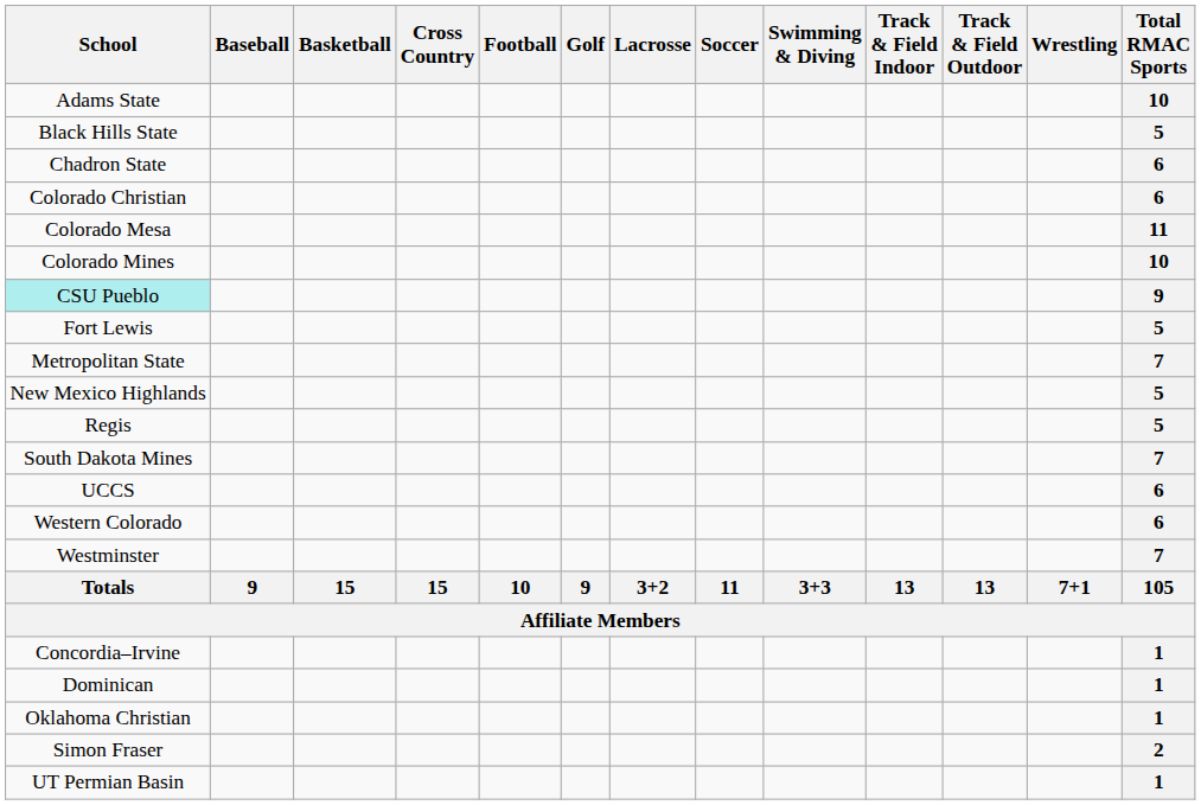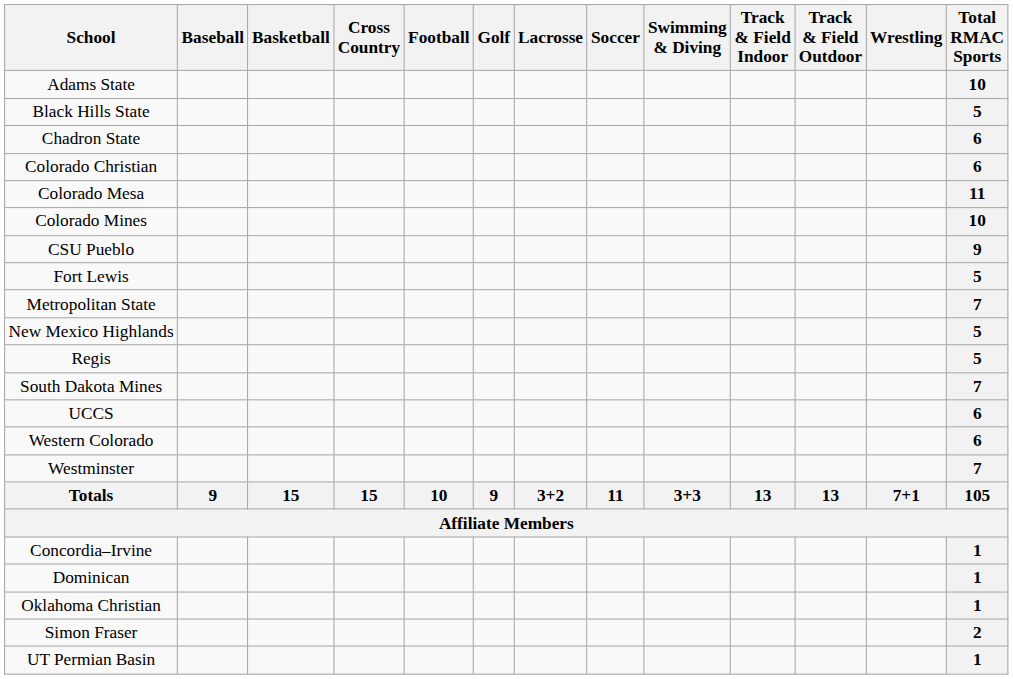 <table class="wikitable" style="text-align:center">
 <tr>
 <th>School</th>
 <th>Baseball</th>
 <th>Basketball</th>
 <th>Cross<br>Country</th>
 <th>Football</th>
 <th>Golf</th>
 <th>Lacrosse</th>
 <th>Soccer</th>
 <th>Swimming<br>& Diving</th>
 <th>Track<br>& Field<br>Indoor</th>
 <th>Track<br>& Field<br>Outdoor</th>
 <th>Wrestling</th>
 <th>Total<br>RMAC<br>Sports</th>
 </tr>
 <tr>
 <td>Adams State</td>
 <td></td>
 <td></td>
 <td></td>
 <td></td>
 <td></td>
 <td></td>
 <td></td>
 <td></td>
 <td></td>
 <td></td>
 <td></td>
 <th>10</th>
 </tr>
 <tr>
 <td>Black Hills State</td>
 <td></td>
 <td></td>
 <td></td>
 <td></td>
 <td></td>
 <td></td>
 <td></td>
 <td></td>
 <td></td>
 <td></td>
 <td></td>
 <th>5</th>
 </tr>
 <tr>
 <td>Chadron State</td>
 <td></td>
 <td></td>
 <td></td>
 <td></td>
 <td></td>
 <td></td>
 <td></td>
 <td></td>
 <td></td>
 <td></td>
 <td></td>
 <th>6</th>
 </tr>
 <tr>
 <td>Colorado Christian</td>
 <td></td>
 <td></td>
 <td></td>
 <td></td>
 <td></td>
 <td></td>
 <td></td>
 <td></td>
 <td></td>
 <td></td>
 <td></td>
 <th>6</th>
 </tr>
 <tr>
 <td>Colorado Mesa</td>
 <td></td>
 <td></td>
 <td></td>
 <td></td>
 <td></td>
 <td></td>
 <td></td>
 <td></td>
 <td></td>
 <td></td>
 <td></td>
 <th>11</th>
 </tr>
 <tr>
 <td>Colorado Mines</td>
 <td></td>
 <td></td>
 <td></td>
 <td></td>
 <td></td>
 <td></td>
 <td></td>
 <td></td>
 <td></td>
 <td></td>
 <td></td>
 <th>10</th>
 </tr>
 <tr>
-<td style="background: paleturquoise;">CSU Pueblo</td>
+<td>CSU Pueblo</td>
 <td></td>
 <td></td>
 <td></td>
 <td></td>
 <td></td>
 <td></td>
 <td></td>
 <td></td>
 <td></td>
 <td></td>
 <td></td>
 <th>9</th>
 </tr>
 <tr>
 <td>Fort Lewis</td>
 <td></td>
 <td></td>
 <td></td>
 <td></td>
 <td></td>
 <td></td>
 <td></td>
 <td></td>
 <td></td>
 <td></td>
 <td></td>
 <th>5</th>
 </tr>
 <tr>
 <td>Metropolitan State</td>
 <td></td>
 <td></td>
 <td></td>
 <td></td>
 <td></td>
 <td></td>
 <td></td>
 <td></td>
 <td></td>
 <td></td>
 <td></td>
 <th>7</th>
 </tr>
 <tr>
 <td>New Mexico Highlands</td>
 <td></td>
 <td></td>
 <td></td>
 <td></td>
 <td></td>
 <td></td>
 <td></td>
 <td></td>
 <td></td>
 <td></td>
 <td></td>
 <th>5</th>
 </tr>
 <tr>
 <td>Regis</td>
 <td></td>
 <td></td>
 <td></td>
 <td></td>
 <td></td>
 <td></td>
 <td></td>
 <td></td>
 <td></td>
 <td></td>
 <td></td>
 <th>5</th>
 </tr>
 <tr>
 <td>South Dakota Mines</td>
 <td></td>
 <td></td>
 <td></td>
 <td></td>
 <td></td>
 <td></td>
 <td></td>
 <td></td>
 <td></td>
 <td></td>
 <td></td>
 <th>7</th>
 </tr>
 <tr>
 <td>UCCS</td>
 <td></td>
 <td></td>
 <td></td>
 <td></td>
 <td></td>
 <td></td>
 <td></td>
 <td></td>
 <td></td>
 <td></td>
 <td></td>
 <th>6</th>
 </tr>
 <tr>
 <td>Western Colorado</td>
 <td></td>
 <td></td>
 <td></td>
 <td></td>
 <td></td>
 <td></td>
 <td></td>
 <td></td>
 <td></td>
 <td></td>
 <td></td>
 <th>6</th>
 </tr>
 <tr>
 <td>Westminster</td>
 <td></td>
 <td></td>
 <td></td>
 <td></td>
 <td></td>
 <td></td>
 <td></td>
 <td></td>
 <td></td>
 <td></td>
 <td></td>
 <th>7</th>
 </tr>
 <tr>
 <th>Totals</th>
 <th>9</th>
 <th>15</th>
 <th>15</th>
 <th>10</th>
 <th>9</th>
 <th>3+2</th>
 <th>11</th>
 <th>3+3</th>
 <th>13</th>
 <th>13</th>
 <th>7+1</th>
 <th>105</th>
 </tr>
 <tr>
 <th colspan=13>Affiliate Members</th>
 </tr>
 <tr>
 <td>Concordia–Irvine</td>
 <td></td>
 <td></td>
 <td></td>
 <td></td>
 <td></td>
 <td></td>
 <td></td>
 <td></td>
 <td></td>
 <td></td>
 <td></td>
 <th>1</th>
 </tr>
 <tr>
 <td>Dominican</td>
 <td></td>
 <td></td>
 <td></td>
 <td></td>
 <td></td>
 <td></td>
 <td></td>
 <td></td>
 <td></td>
 <td></td>
 <td></td>
 <th>1</th>
 </tr>
 <tr>
 <td>Oklahoma Christian</td>
 <td></td>
 <td></td>
 <td></td>
 <td></td>
 <td></td>
 <td></td>
 <td></td>
 <td></td>
 <td></td>
 <td></td>
 <td></td>
 <th>1</th>
 </tr>
 <tr>
 <td>Simon Fraser</td>
 <td></td>
 <td></td>
 <td></td>
 <td></td>
 <td></td>
 <td></td>
 <td></td>
 <td></td>
 <td></td>
 <td></td>
 <td></td>
 <th>2</th>
 </tr>
 <tr>
 <td>UT Permian Basin</td>
 <td></td>
 <td></td>
 <td></td>
 <td></td>
 <td></td>
 <td></td>
 <td></td>
 <td></td>
 <td></td>
 <td></td>
 <td></td>
 <th>1</th>
 </tr>
 </table>
